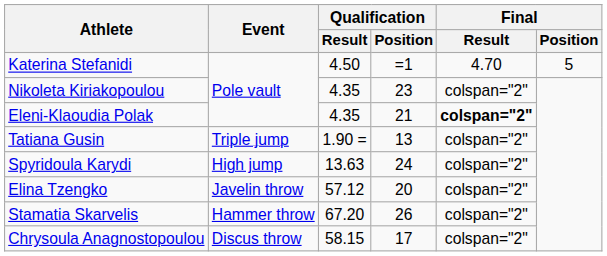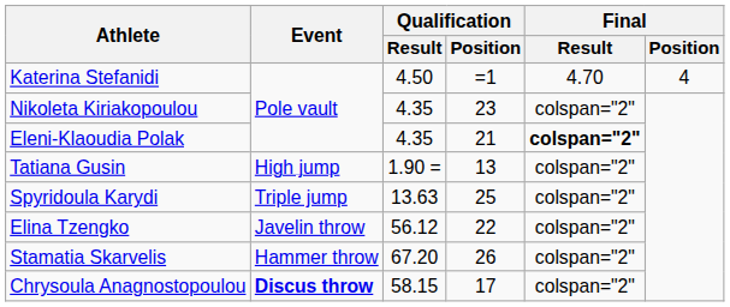 <table class=wikitable style="font-size:90%">
 <tr>
 <th rowspan="2">Athlete</th>
 <th rowspan="2">Event</th>
 <th colspan="2">Qualification</th>
 <th colspan="2">Final</th>
 </tr>
 <tr style="font-size:95%">
 <th>Result</th>
 <th>Position</th>
 <th>Result</th>
 <th>Position</th>
 </tr>
 <tr style=text-align:center>
 <td style=text-align:left><a href='#'>Katerina Stefanidi</a></td>
 <td style=text-align:left rowspan=3><a href='#'>Pole vault</a></td>
 <td>4.50</td>
 <td>=1</td>
 <td>4.70 </td>
-<td>5</td>
+<td>4</td>
 </tr>
 <tr style=text-align:center>
 <td style=text-align:left><a href='#'>Nikoleta Kiriakopoulou</a></td>
 <td>4.35</td>
 <td>23</td>
 <td>colspan="2" </td>
 </tr>
 <tr style=text-align:center>
 <td style=text-align:left><a href='#'>Eleni-Klaoudia Polak</a></td>
 <td>4.35</td>
 <td>21</td>
 <td><strong>colspan="2" </strong></td>
 </tr>
 <tr style=text-align:center>
 <td style=text-align:left><a href='#'>Tatiana Gusin</a></td>
-<td style=text-align:left><a href='#'>Triple jump</a></td>
+<td style=text-align:left><a href='#'>High jump</a></td>
 <td>1.90 =</td>
 <td>13</td>
 <td>colspan="2" </td>
 </tr>
 <tr style=text-align:center>
 <td style=text-align:left><a href='#'>Spyridoula Karydi</a></td>
-<td style=text-align:left><a href='#'>High jump</a></td>
+<td style=text-align:left><a href='#'>Triple jump</a></td>
 <td>13.63</td>
-<td>24</td>
+<td>25</td>
 <td>colspan="2" </td>
 </tr>
 <tr style=text-align:center>
 <td style=text-align:left><a href='#'>Elina Tzengko</a></td>
 <td style=text-align:left><a href='#'>Javelin throw</a></td>
-<td>57.12</td>
-<td>20</td>
+<td>56.12</td>
+<td>22</td>
 <td>colspan="2" </td>
 </tr>
 <tr style=text-align:center>
 <td style=text-align:left><a href='#'>Stamatia Skarvelis</a></td>
 <td style=text-align:left><a href='#'>Hammer throw</a></td>
 <td>67.20</td>
 <td>26</td>
 <td>colspan="2" </td>
 </tr>
 <tr style=text-align:center>
 <td style=text-align:left><a href='#'>Chrysoula Anagnostopoulou</a></td>
-<td style=text-align:left><a href='#'>Discus throw</a></td>
+<td style=text-align:left><strong><a href='#'>Discus throw</a></strong></td>
 <td>58.15</td>
 <td>17</td>
 <td>colspan="2" </td>
 </tr>
 </table>
